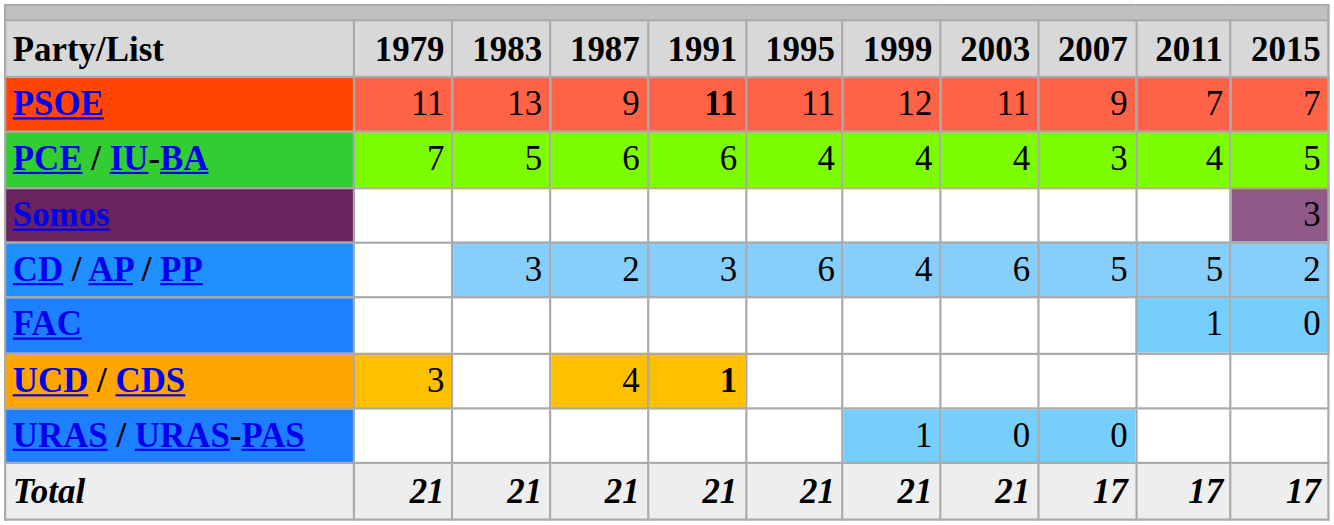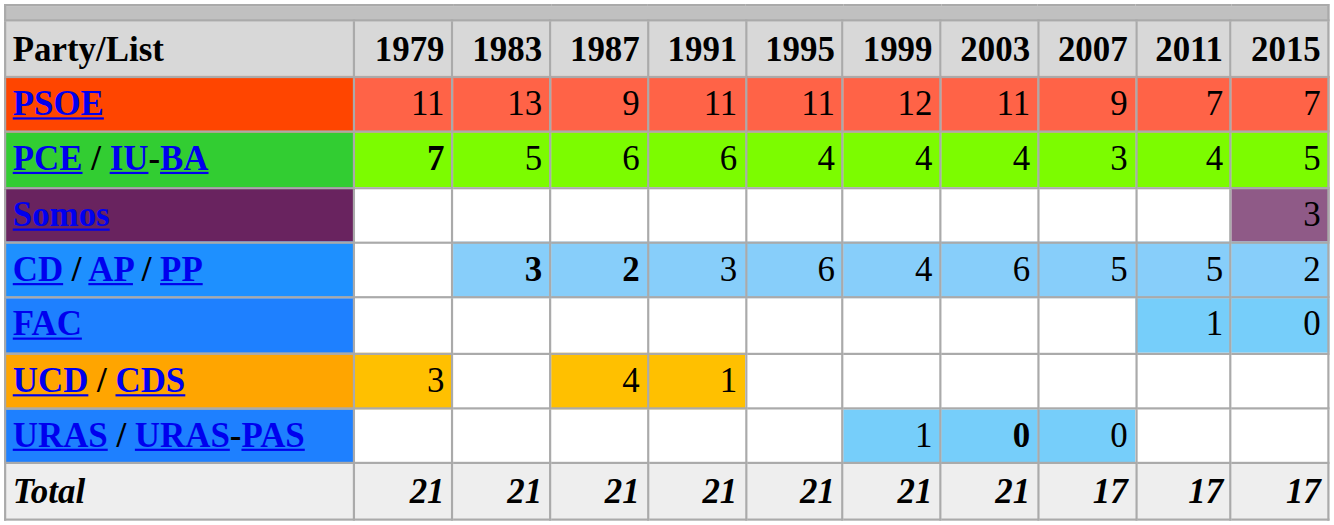 <table class="wikitable" style="margin:0 auto">
 <tr>
 <td colspan="11" width="600px" bgcolor="#C0C0C0"></td>
 </tr>
 <tr bgcolor="#D8D8D8">
 <td><strong>Party/List</strong></td>
 <td align="right"><strong>1979</strong></td>
 <td align="right"><strong>1983</strong></td>
 <td align="right"><strong>1987</strong></td>
 <td align="right"><strong>1991</strong></td>
 <td align="right"><strong>1995</strong></td>
 <td align="right"><strong>1999</strong></td>
 <td align="right"><strong>2003</strong></td>
 <td align="right"><strong>2007</strong></td>
 <td align="right"><strong>2011</strong></td>
 <td align="right"><strong>2015</strong></td>
 </tr>
 <tr>
 <td bgcolor="#FF4500"><strong><a href='#'>PSOE</a></strong></td>
 <td bgcolor="#FF6347" align="right">11</td>
 <td bgcolor="#FF6347" align="right">13</td>
 <td bgcolor="#FF6347" align="right">9</td>
-<td bgcolor="#FF6347" align="right"><strong>11</strong></td>
+<td bgcolor="#FF6347" align="right">11</td>
 <td bgcolor="#FF6347" align="right">11</td>
 <td bgcolor="#FF6347" align="right">12</td>
 <td bgcolor="#FF6347" align="right">11</td>
 <td bgcolor="#FF6347" align="right">9</td>
 <td bgcolor="#FF6347" align="right">7</td>
 <td bgcolor="#FF6347" align="right">7</td>
 </tr>
 <tr>
 <td bgcolor="#32CD32"><strong><a href='#'>PCE</a> / <a href='#'>IU</a>-<a href='#'>BA</a></strong></td>
-<td bgcolor="#7CFC00" align="right">7</td>
+<td bgcolor="#7CFC00" align="right"><strong>7</strong></td>
 <td bgcolor="#7CFC00" align="right">5</td>
 <td bgcolor="#7CFC00" align="right">6</td>
 <td bgcolor="#7CFC00" align="right">6</td>
 <td bgcolor="#7CFC00" align="right">4</td>
 <td bgcolor="#7CFC00" align="right">4</td>
 <td bgcolor="#7CFC00" align="right">4</td>
 <td bgcolor="#7CFC00" align="right">3</td>
 <td bgcolor="#7CFC00" align="right">4</td>
 <td bgcolor="#7CFC00" align="right">5</td>
 </tr>
 <tr>
 <td bgcolor="#69235F"><strong><a href='#'>Somos</a></strong></td>
 <td bgcolor="#FFFFFF" align="right"></td>
 <td bgcolor="#FFFFFF" align="right"></td>
 <td bgcolor="#FFFFFF" align="right"></td>
 <td bgcolor="#FFFFFF" align="right"></td>
 <td bgcolor="#FFFFFF" align="right"></td>
 <td bgcolor="#FFFFFF" align="right"></td>
 <td bgcolor="#FFFFFF" align="right"></td>
 <td bgcolor="#FFFFFF" align="right"></td>
 <td bgcolor="#FFFFFF" align="right"></td>
 <td bgcolor="#8F5A87" align="right">3</td>
 </tr>
 <tr>
 <td bgcolor="#1E90FF"><strong><a href='#'>CD</a> / <a href='#'>AP</a> / <a href='#'>PP</a></strong></td>
 <td bgcolor="#FFFFFF" align="right"></td>
-<td bgcolor="#87CEFA" align="right">3</td>
-<td bgcolor="#87CEFA" align="right">2</td>
+<td bgcolor="#87CEFA" align="right"><strong>3</strong></td>
+<td bgcolor="#87CEFA" align="right"><strong>2</strong></td>
 <td bgcolor="#87CEFA" align="right">3</td>
 <td bgcolor="#87CEFA" align="right">6</td>
 <td bgcolor="#87CEFA" align="right">4</td>
 <td bgcolor="#87CEFA" align="right">6</td>
 <td bgcolor="#87CEFA" align="right">5</td>
 <td bgcolor="#87CEFA" align="right">5</td>
 <td bgcolor="#87CEFA" align="right">2</td>
 </tr>
 <tr>
 <td bgcolor="#1E80FF"><strong><a href='#'>FAC</a></strong></td>
 <td bgcolor="#FFFFFF" align="right"></td>
 <td bgcolor="#FFFFFF" align="right"></td>
 <td bgcolor="#FFFFFF" align="right"></td>
 <td bgcolor="#FFFFFF" align="right"></td>
 <td bgcolor="#FFFFFF" align="right"></td>
 <td bgcolor="#FFFFFF" align="right"></td>
 <td bgcolor="#FFFFFF" align="right"></td>
 <td bgcolor="#FFFFFF" align="right"></td>
 <td bgcolor="#76CEFA" align="right">1</td>
 <td bgcolor="#76CEFA" align="right">0</td>
 </tr>
 <tr>
 <td bgcolor="#FFA500"><strong><a href='#'>UCD</a> / <a href='#'>CDS</a></strong></td>
 <td bgcolor="#ffC000" align="right">3</td>
 <td bgcolor="#FFFFFF" align="right"></td>
 <td bgcolor="#ffC000" align="right">4</td>
-<td bgcolor="#ffC000" align="right"><strong>1</strong></td>
+<td bgcolor="#ffC000" align="right">1</td>
 <td bgcolor="#FFFFFF" align="right"></td>
 <td bgcolor="#FFFFFF" align="right"></td>
 <td bgcolor="#FFFFFF" align="right"></td>
 <td bgcolor="#FFFFFF" align="right"></td>
 <td bgcolor="#FFFFFF" align="right"></td>
 <td bgcolor="#FFFFFF" align="right"></td>
 </tr>
 <tr>
 <td bgcolor="#1E80FF"><strong><a href='#'>URAS</a> / <a href='#'>URAS</a>-<a href='#'>PAS</a></strong></td>
 <td bgcolor="#FFFFFF" align="right"></td>
 <td bgcolor="#FFFFFF" align="right"></td>
 <td bgcolor="#FFFFFF" align="right"></td>
 <td bgcolor="#FFFFFF" align="right"></td>
 <td bgcolor="#FFFFFF" align="right"></td>
 <td bgcolor="#76CEFA" align="right">1</td>
-<td bgcolor="#76CEFA" align="right">0</td>
+<td bgcolor="#76CEFA" align="right"><strong>0</strong></td>
 <td bgcolor="#76CEFA" align="right">0</td>
 <td bgcolor="#FFFFFF" align="right"></td>
 <td bgcolor="#FFFFFF" align="right"></td>
 </tr>
 <tr bgcolor="#EEEEEE">
 <td><strong><em>Total</em></strong></td>
 <td align="right"><strong><em>21</em></strong></td>
 <td align="right"><strong><em>21</em></strong></td>
 <td align="right"><strong><em>21</em></strong></td>
 <td align="right"><strong><em>21</em></strong></td>
 <td align="right"><strong><em>21</em></strong></td>
 <td align="right"><strong><em>21</em></strong></td>
 <td align="right"><strong><em>21</em></strong></td>
 <td align="right"><strong><em>17</em></strong></td>
 <td align="right"><strong><em>17</em></strong></td>
 <td align="right"><strong><em>17</em></strong></td>
 </tr>
 </table>
